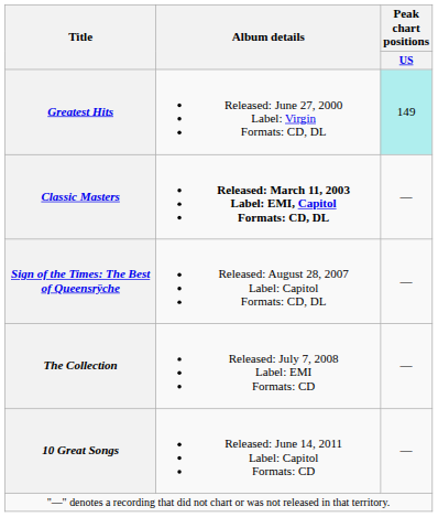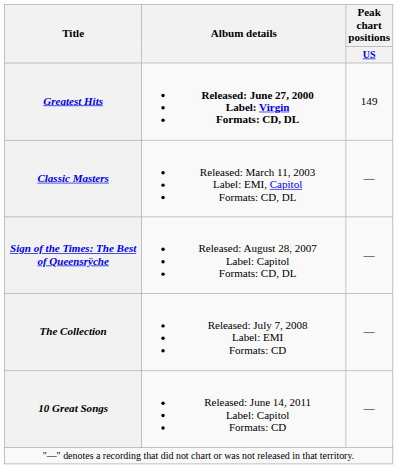 <table class="wikitable plainrowheaders" style="text-align:center;">
 <tr>
 <th scope="col" rowspan="2" style="width:12em;">Title</th>
 <th scope="col" rowspan="2" style="width:18em;">Album details</th>
 <th scope="col" colspan="1">Peak chart positions</th>
 </tr>
 <tr>
 <th scope="col" style="width:3em;font-size:90%;"><a href='#'>US</a><br></th>
 </tr>
 <tr>
 <th scope="row"><em><a href='#'>Greatest Hits</a></em></th>
-<td><br><ul><li>Released: June 27, 2000</li><li>Label: <a href='#'>Virgin</a></li><li>Formats: CD, DL</li></ul></td>
-<td style="background: paleturquoise;">149</td>
+<td><strong><br><ul><li>Released: June 27, 2000</li><li>Label: <a href='#'>Virgin</a></li><li>Formats: CD, DL</li></ul></strong></td>
+<td>149</td>
 </tr>
 <tr>
 <th scope="row"><em><a href='#'>Classic Masters</a></em></th>
-<td><strong><br><ul><li>Released: March 11, 2003</li><li>Label: EMI, <a href='#'>Capitol</a></li><li>Formats: CD, DL</li></ul></strong></td>
+<td><br><ul><li>Released: March 11, 2003</li><li>Label: EMI, <a href='#'>Capitol</a></li><li>Formats: CD, DL</li></ul></td>
 <td>—</td>
 </tr>
 <tr>
 <th scope="row"><em><a href='#'>Sign of the Times: The Best of Queensrÿche</a></em></th>
 <td><br><ul><li>Released: August 28, 2007</li><li>Label: Capitol</li><li>Formats: CD, DL</li></ul></td>
 <td>—</td>
 </tr>
 <tr>
 <th scope="row"><em>The Collection</em></th>
 <td><br><ul><li>Released: July 7, 2008</li><li>Label: EMI</li><li>Formats: CD</li></ul></td>
 <td>—</td>
 </tr>
 <tr>
 <th scope="row"><em>10 Great Songs</em></th>
 <td><br><ul><li>Released: June 14, 2011</li><li>Label: Capitol</li><li>Formats: CD</li></ul></td>
 <td>—</td>
 </tr>
 <tr>
 <td colspan="5" style="font-size:90%">"—" denotes a recording that did not chart or was not released in that territory.</td>
 </tr>
 </table>
